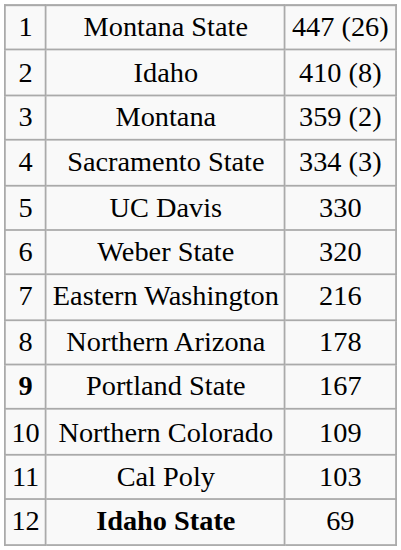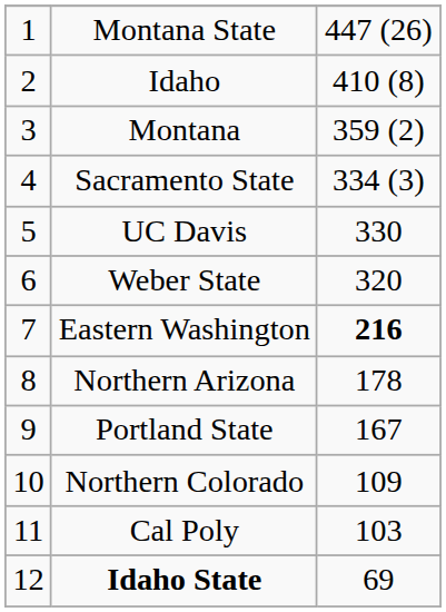 <table class="wikitable" style="display: inline-table;">
 <tr align="center">
 </tr>
 <tr align="center">
 <td>1</td>
 <td>Montana State</td>
 <td>447 (26)</td>
 </tr>
 <tr align="center">
 <td>2</td>
 <td>Idaho</td>
 <td>410 (8)</td>
 </tr>
 <tr align="center">
 <td>3</td>
 <td>Montana</td>
 <td>359 (2)</td>
 </tr>
 <tr align="center">
 <td>4</td>
 <td>Sacramento State</td>
 <td>334 (3)</td>
 </tr>
 <tr align="center">
 <td>5</td>
 <td>UC Davis</td>
 <td>330</td>
 </tr>
 <tr align="center">
 <td>6</td>
 <td>Weber State</td>
 <td>320</td>
 </tr>
 <tr align="center">
 <td>7</td>
 <td>Eastern Washington</td>
-<td>216</td>
+<td><strong>216</strong></td>
 </tr>
 <tr align="center">
 <td>8</td>
 <td>Northern Arizona</td>
 <td>178</td>
 </tr>
 <tr align="center">
-<td><strong>9</strong></td>
+<td>9</td>
 <td>Portland State</td>
 <td>167</td>
 </tr>
 <tr align="center">
 <td>10</td>
 <td>Northern Colorado</td>
 <td>109</td>
 </tr>
 <tr align="center">
 <td>11</td>
 <td>Cal Poly</td>
 <td>103</td>
 </tr>
 <tr align="center">
 <td>12</td>
 <td><strong>Idaho State</strong></td>
 <td>69</td>
 </tr>
 </table>
